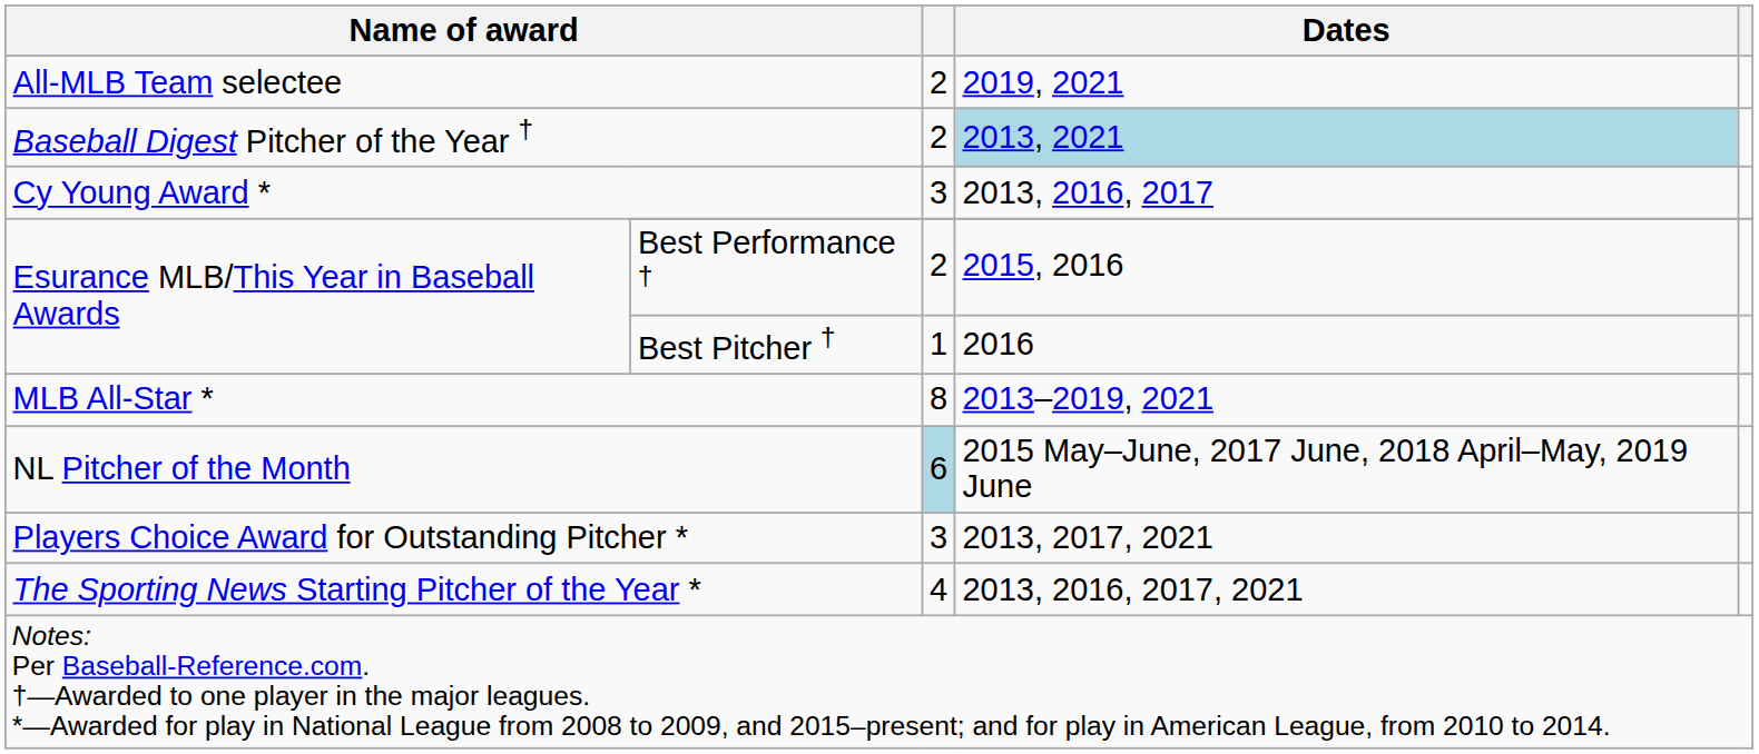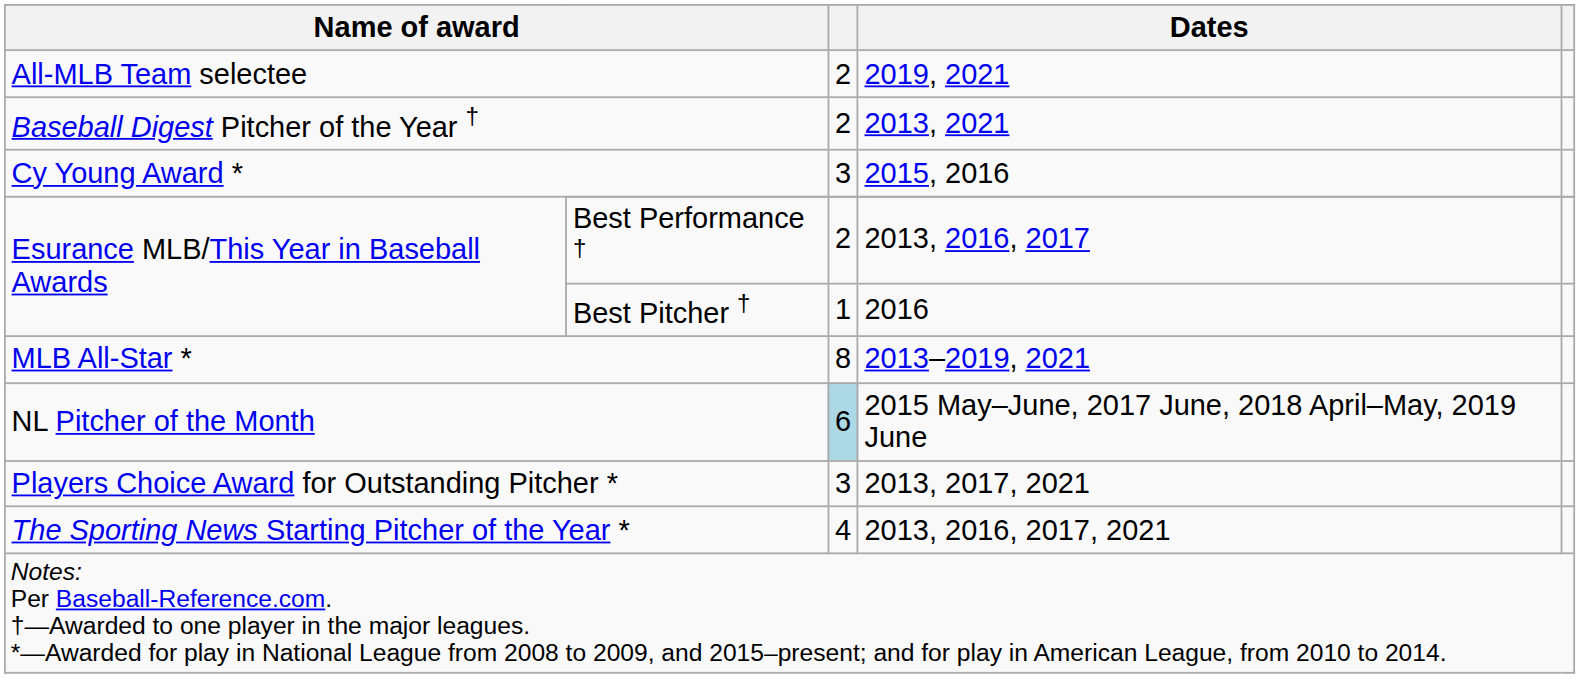 <table class="wikitable">
 <tr>
 <th colspan="2">Name of award</th>
 <th></th>
 <th>Dates</th>
 <th></th>
 </tr>
 <tr>
 <td colspan="2"><a href='#'>All-MLB Team</a> selectee</td>
 <td style="text-align:center;">2</td>
 <td><a href='#'>2019</a>, <a href='#'>2021</a></td>
 <td></td>
 </tr>
 <tr>
 <td colspan="2"><em><a href='#'>Baseball Digest</a></em> Pitcher of the Year <sup>†</sup></td>
 <td style="text-align:center;">2</td>
-<td style="background: lightblue;"><a href='#'>2013</a>, <a href='#'>2021</a></td>
+<td><a href='#'>2013</a>, <a href='#'>2021</a></td>
 <td></td>
 </tr>
 <tr>
 <td colspan="2"><a href='#'>Cy Young Award</a> *</td>
 <td style="text-align:center;">3</td>
-<td>2013, <a href='#'>2016</a>, <a href='#'>2017</a></td>
+<td><a href='#'>2015</a>, 2016</td>
 <td></td>
 </tr>
 <tr>
 <td rowspan="3"><a href='#'>Esurance</a> MLB/<a href='#'>This Year in Baseball Awards</a></td>
 </tr>
 <tr>
 <td>Best Performance <sup>†</sup></td>
 <td style="text-align:center;">2</td>
-<td><a href='#'>2015</a>, 2016</td>
+<td>2013, <a href='#'>2016</a>, <a href='#'>2017</a></td>
 <td></td>
 </tr>
 <tr>
 <td>Best Pitcher <sup>†</sup></td>
 <td style="text-align:center;">1</td>
 <td>2016</td>
 <td></td>
 </tr>
 <tr>
 <td colspan="2"><a href='#'>MLB All-Star</a> *</td>
 <td style="text-align:center;">8</td>
 <td><a href='#'>2013</a>–<a href='#'>2019</a>, <a href='#'>2021</a></td>
 <td></td>
 </tr>
 <tr>
 <td colspan="2">NL <a href='#'>Pitcher of the Month</a></td>
 <td style="background: lightblue; text-align:center;">6</td>
 <td>2015 May–June, 2017 June, 2018 April–May, 2019 June</td>
 <td></td>
 </tr>
 <tr>
 <td colspan="2"><a href='#'>Players Choice Award</a> for Outstanding Pitcher *</td>
 <td style="text-align:center;">3</td>
 <td>2013, 2017, 2021</td>
 <td></td>
 </tr>
 <tr>
 <td colspan="2"><a href='#'><em>The Sporting News</em> Starting Pitcher of the Year</a> *</td>
 <td style="text-align:center;">4</td>
 <td>2013, 2016, 2017, 2021</td>
 <td></td>
 </tr>
 <tr>
 <td colspan="5" style="font-size:85%"><em>Notes:</em><br> Per <a href='#'>Baseball-Reference.com</a>. <br>†—Awarded to one player in the major leagues. <br>*—Awarded for play in National League from 2008 to 2009, and 2015–present; and for play in American League, from 2010 to 2014.</td>
 </tr>
 </table>
